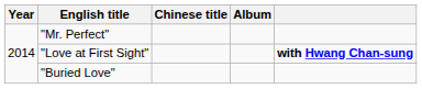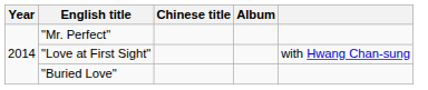 <table class="wikitable">
 <tr>
 <th>Year</th>
 <th>English title</th>
 <th>Chinese title</th>
 <th>Album</th>
 <th></th>
 </tr>
 <tr>
 <td rowspan=3>2014</td>
 <td>"Mr. Perfect"</td>
 <td></td>
 <td></td>
 <td></td>
 </tr>
 <tr>
 <td>"Love at First Sight"</td>
 <td></td>
 <td></td>
-<td><strong>with <a href='#'>Hwang Chan-sung</a></strong></td>
+<td>with <a href='#'>Hwang Chan-sung</a></td>
 </tr>
 <tr>
 <td>"Buried Love"</td>
 <td></td>
 <td></td>
 <td></td>
 </tr>
 </table>
